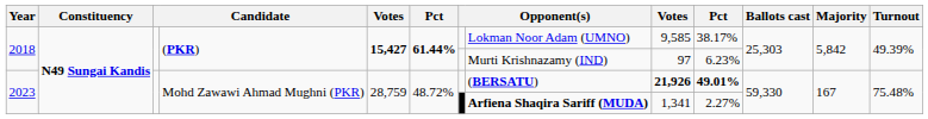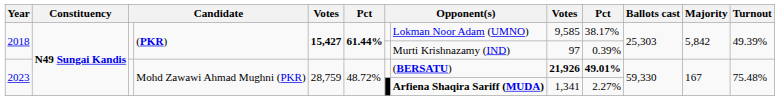 <table class="wikitable" style="margin:0.5em ; font-size:95%">
 <tr>
 <th>Year</th>
 <th>Constituency</th>
 <th colspan="2">Candidate</th>
 <th>Votes</th>
 <th>Pct</th>
 <th colspan="2">Opponent(s)</th>
 <th>Votes</th>
 <th>Pct</th>
 <th>Ballots cast</th>
 <th>Majority</th>
 <th>Turnout</th>
 </tr>
 <tr>
 <td rowspan="2"><a href='#'>2018</a></td>
 <td rowspan="5"><strong>N49 <a href='#'>Sungai Kandis</a></strong></td>
 <td rowspan="2" ></td>
 <td rowspan="2"> (<a href='#'><strong>PKR</strong></a>)</td>
 <td rowspan="2" style="text-align:right;"><strong>15,427</strong></td>
 <td rowspan="2"><strong>61.44%</strong></td>
 <td></td>
 <td><a href='#'>Lokman Noor Adam</a> (<a href='#'>UMNO</a>)</td>
 <td style="text-align:right;">9,585</td>
 <td>38.17%</td>
 <td rowspan="2">25,303</td>
 <td rowspan="2">5,842</td>
 <td rowspan="2">49.39%</td>
 </tr>
 <tr>
 <td></td>
 <td>Murti Krishnazamy (<a href='#'>IND</a>)</td>
 <td style="text-align:right;">97</td>
-<td style="text-align:right;">6.23%</td>
+<td style="text-align:right;">0.39%</td>
 </tr>
 <tr>
 <td rowspan=2><a href='#'>2023</a></td>
 <td rowspan=2 ></td>
 <td rowspan=2>Mohd Zawawi Ahmad Mughni (<a href='#'>PKR</a>)</td>
 <td rowspan=2 align=right>28,759</td>
 <td rowspan=2>48.72%</td>
 <td></td>
 <td> (<a href='#'><strong>BERSATU</strong></a>)</td>
 <td align=right><strong>21,926</strong></td>
 <td><strong>49.01%</strong></td>
 <td rowspan=2>59,330</td>
 <td rowspan=2>167</td>
 <td rowspan=2>75.48%</td>
 </tr>
 <tr>
 <td bgcolor="black"></td>
 <td><strong>Arfiena Shaqira Sariff (<a href='#'>MUDA</a>)</strong></td>
 <td align=right>1,341</td>
 <td align=right>2.27%</td>
 </tr>
 </table>
